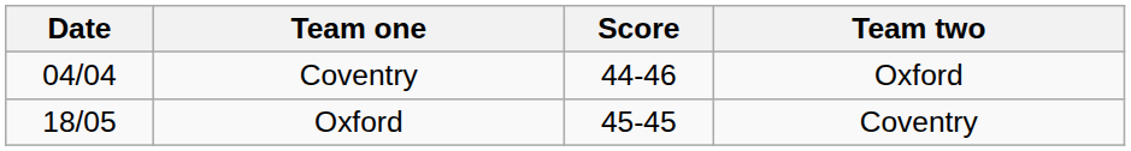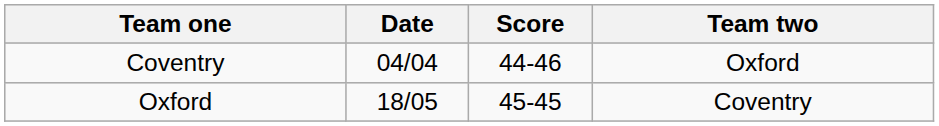 <table class="wikitable" style="text-align: center">
 <tr>
+<th width=250>Team one</th>
 <th width=80>Date</th>
-<th width=250>Team one</th>
 <th width=80>Score</th>
 <th width=250>Team two</th>
 </tr>
 <tr>
+<td>Coventry</td>
 <td>04/04</td>
-<td>Coventry</td>
 <td>44-46</td>
 <td>Oxford</td>
 </tr>
 <tr>
+<td>Oxford</td>
 <td>18/05</td>
-<td>Oxford</td>
 <td>45-45</td>
 <td>Coventry</td>
 </tr>
 </table>
